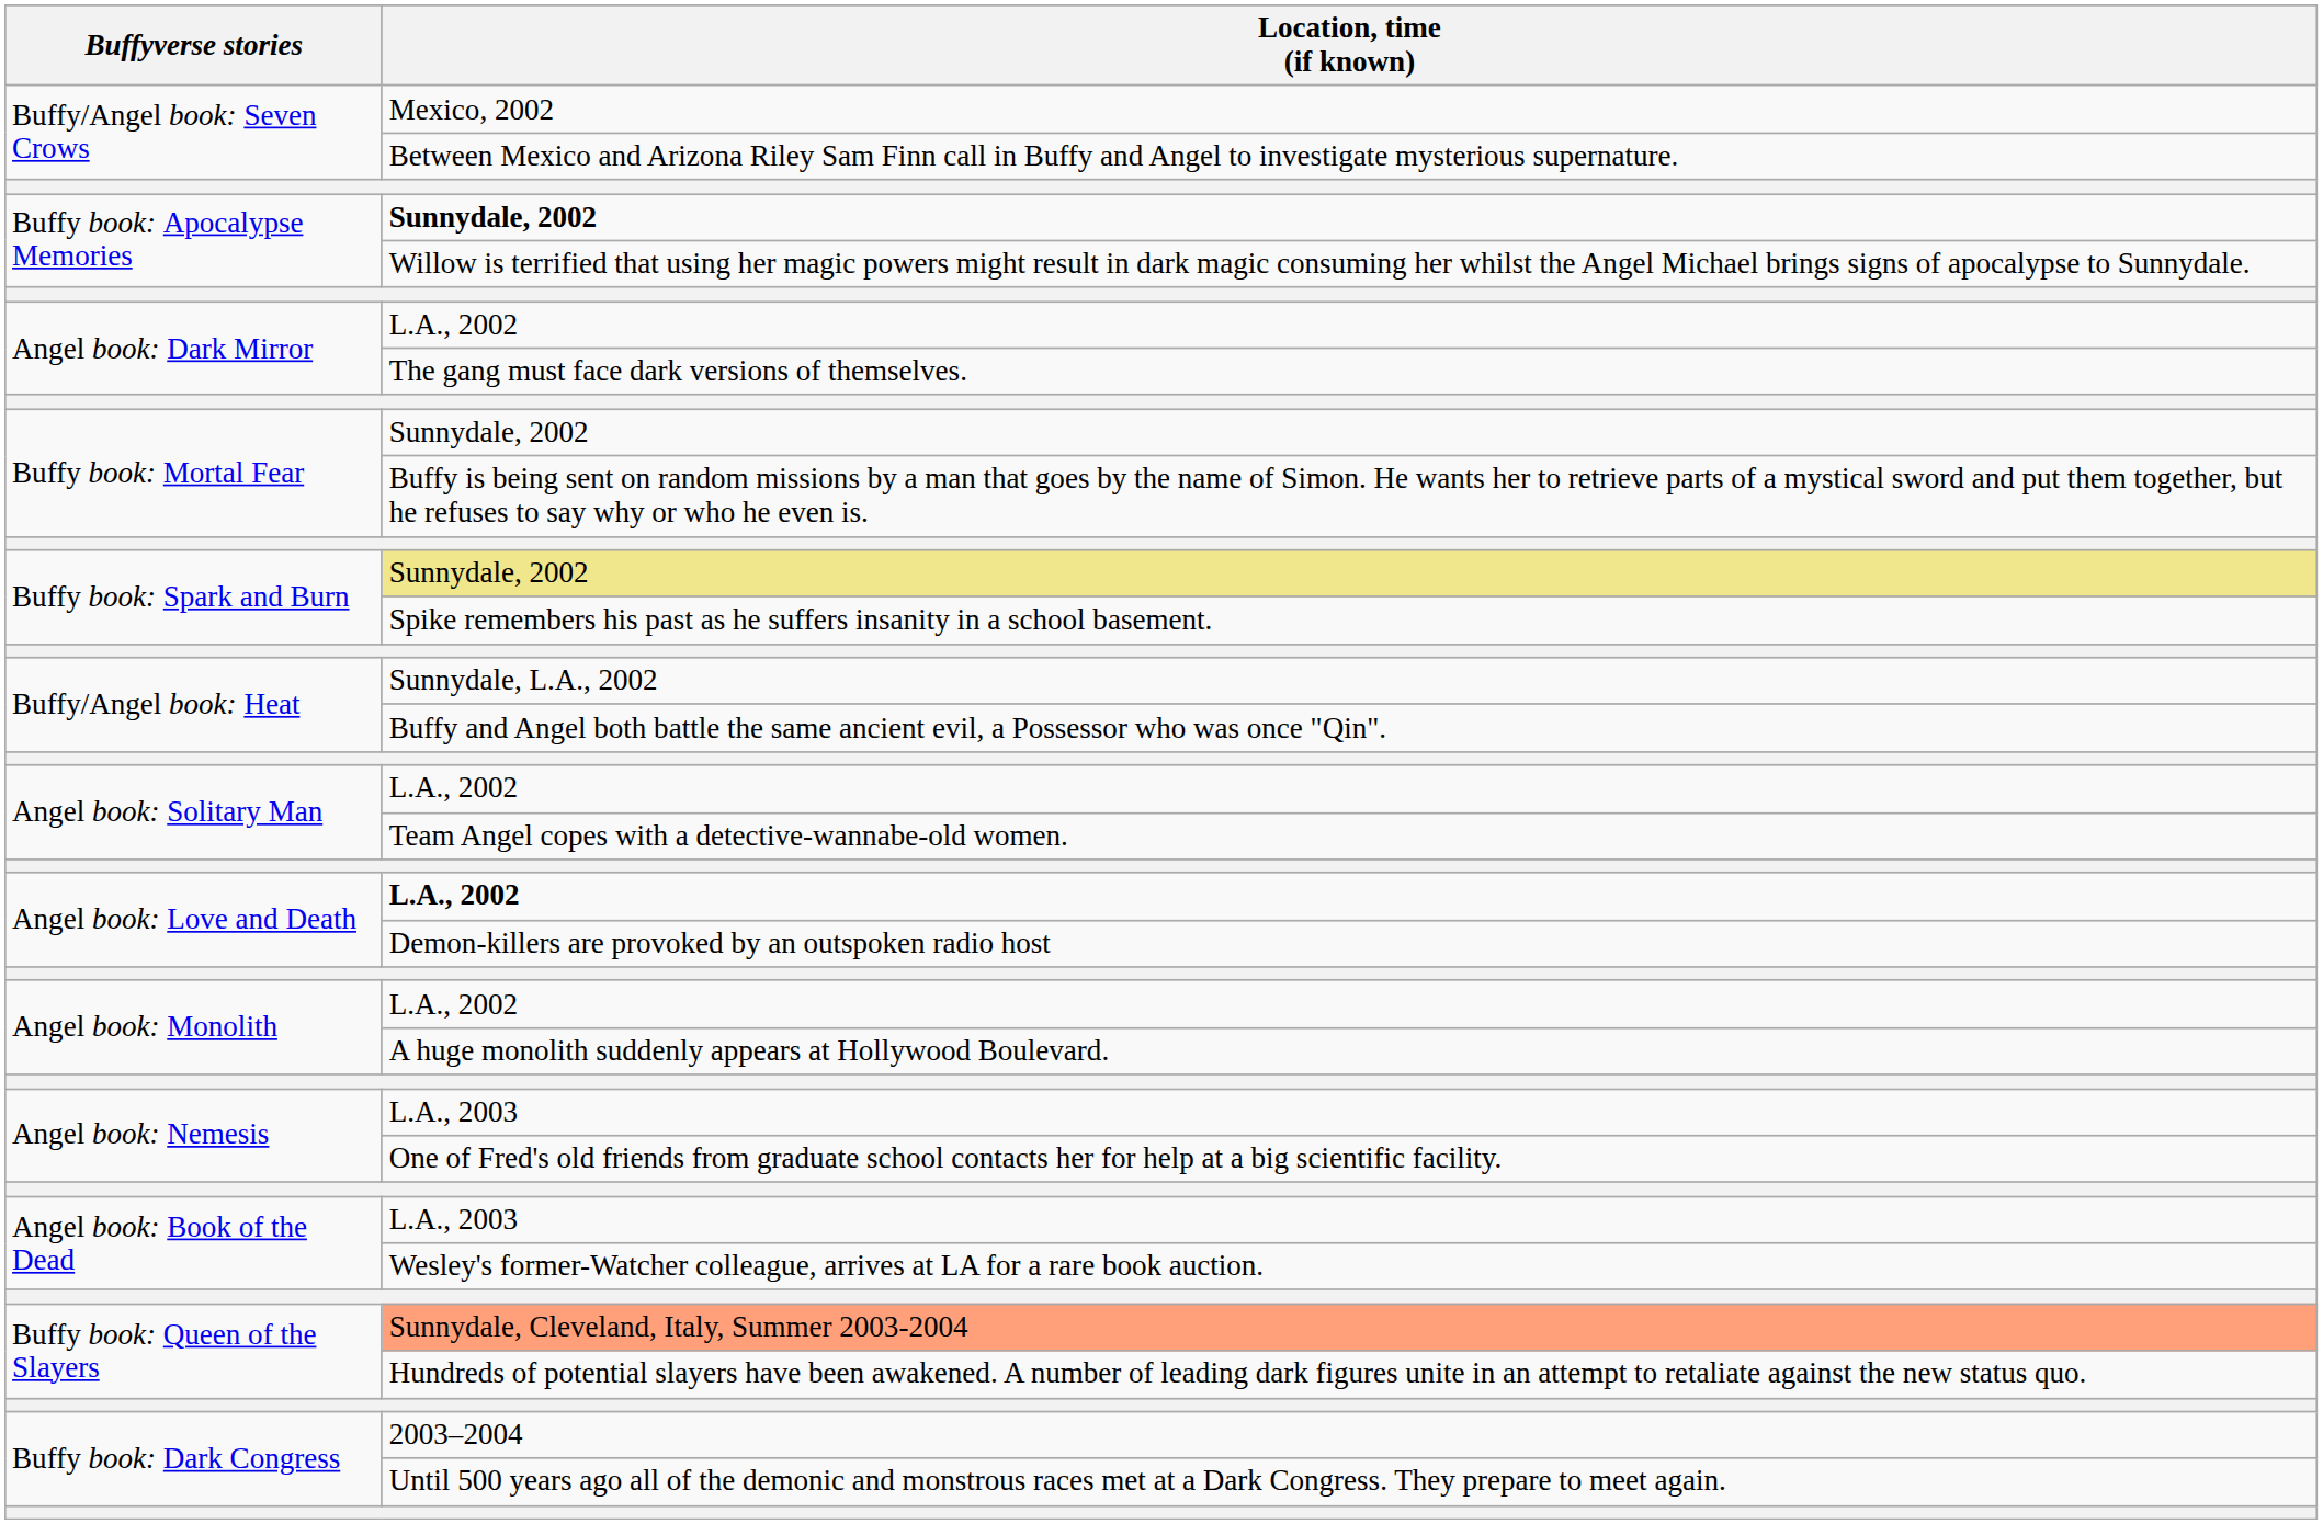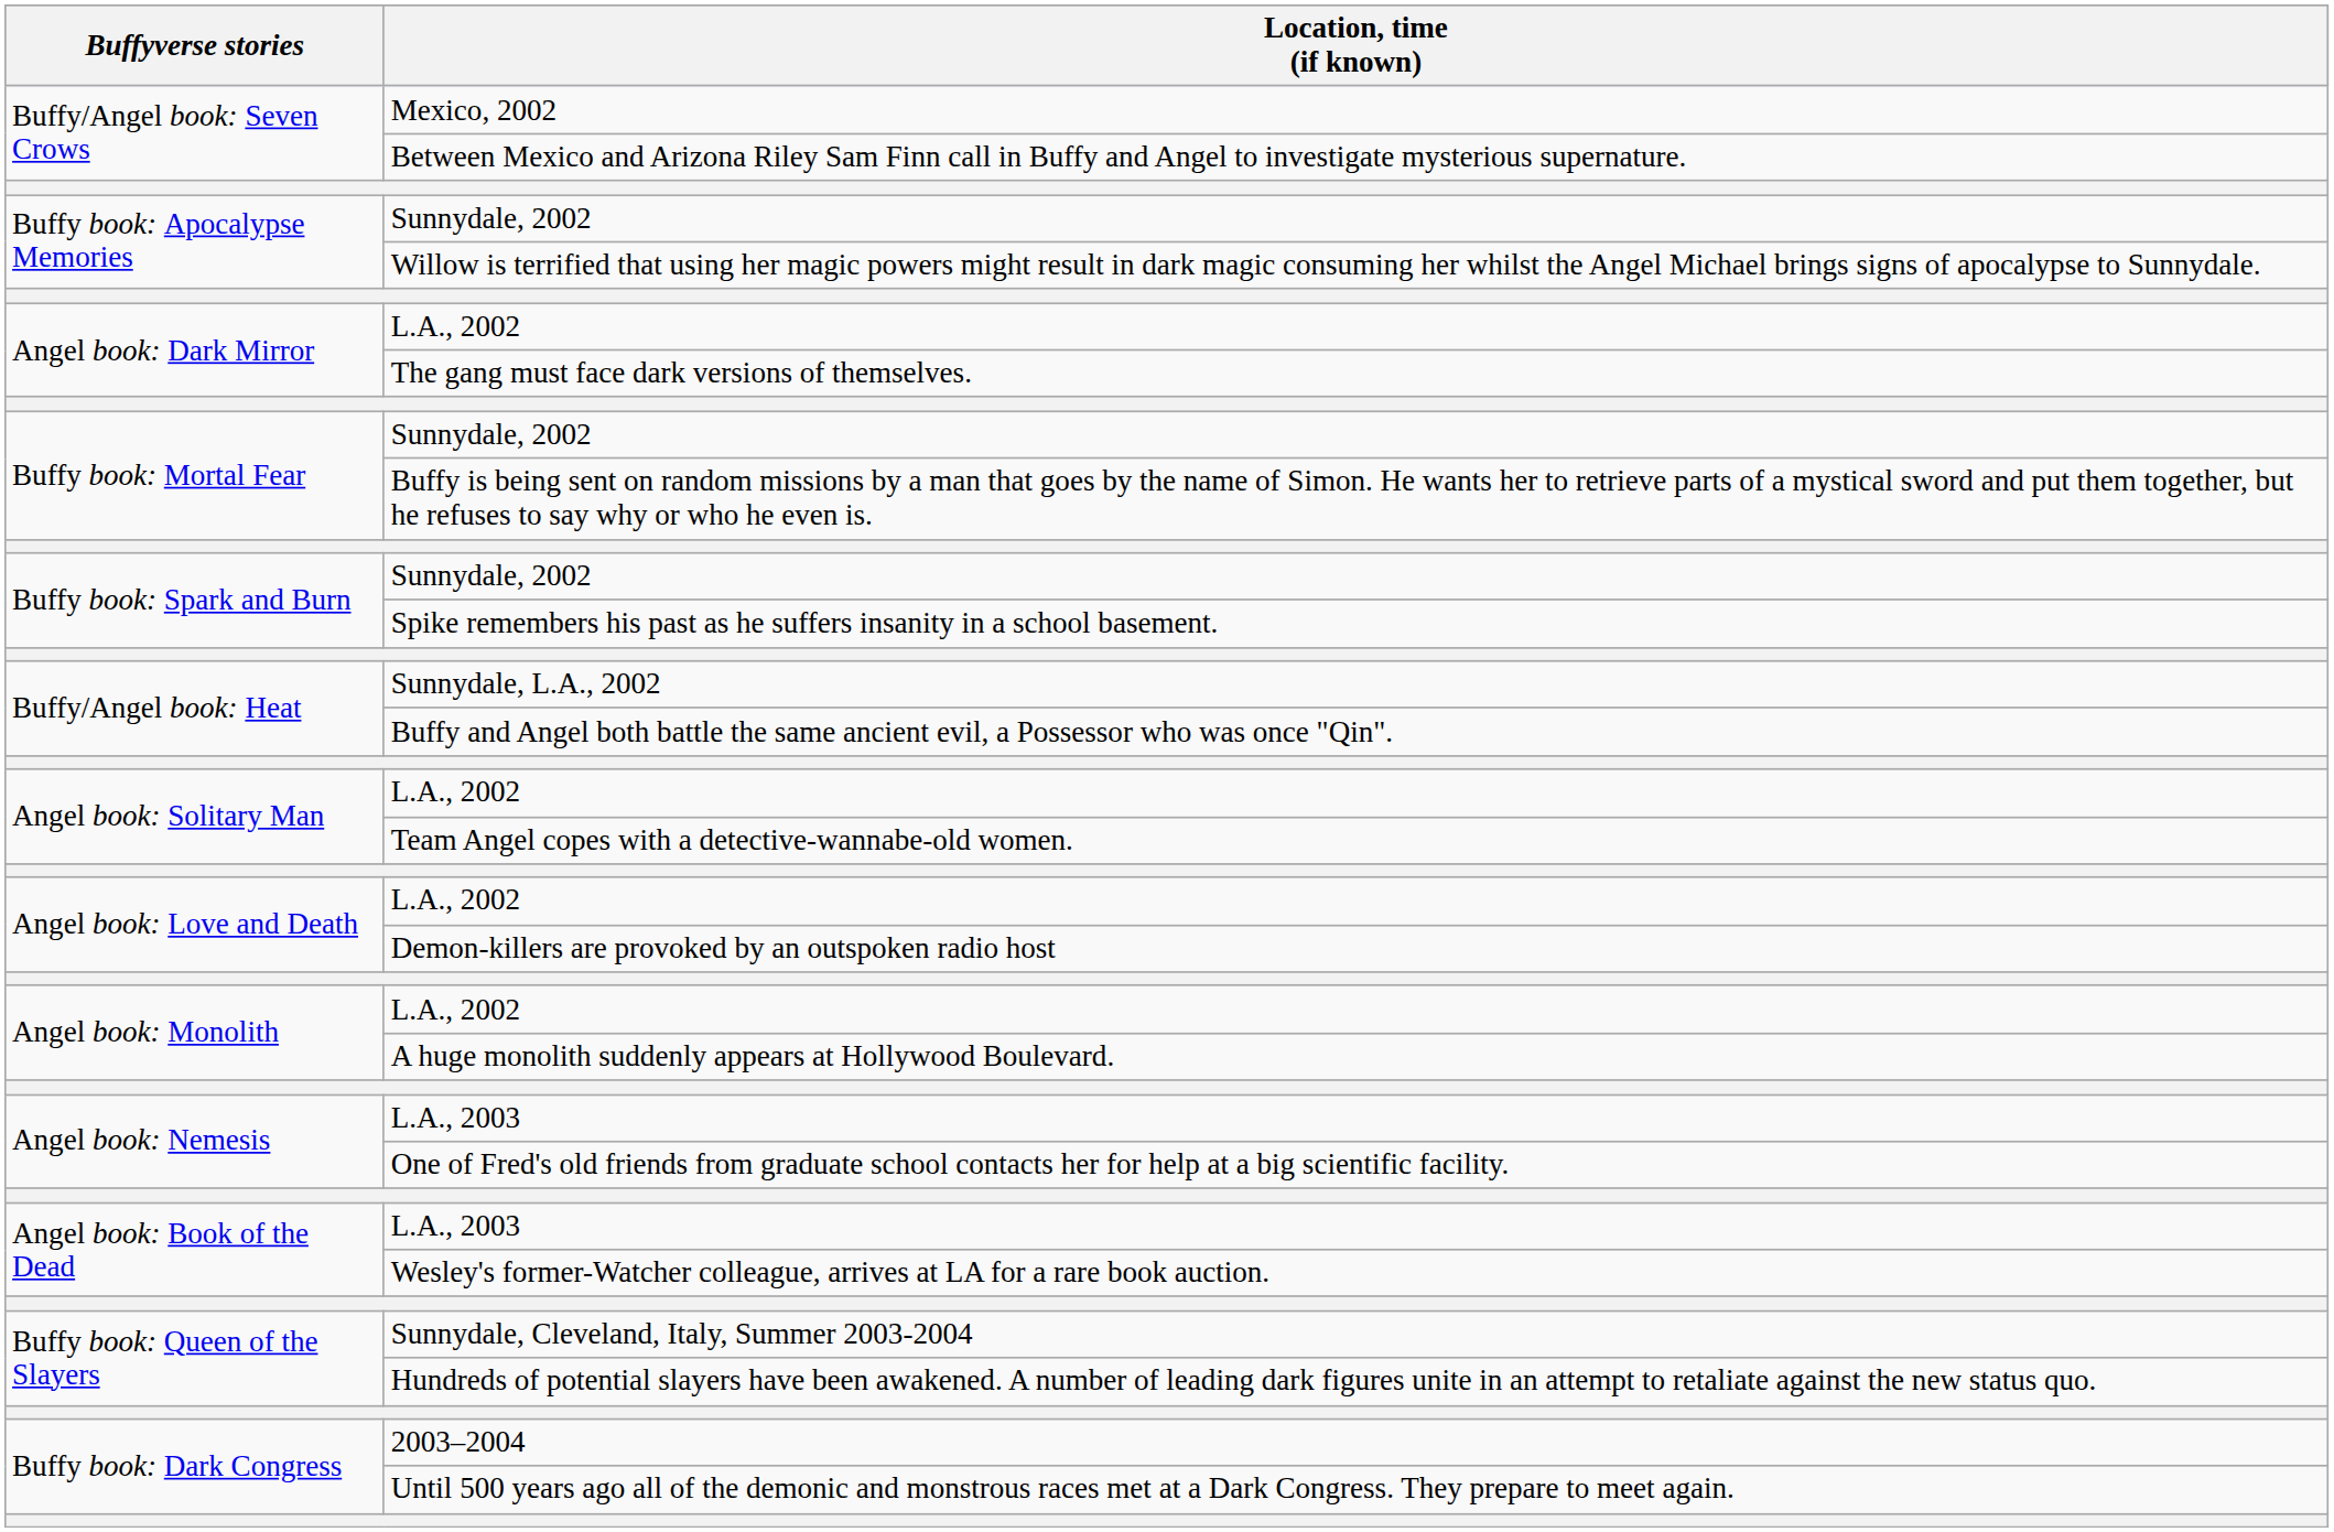 <table class="wikitable">
 <tr bgcolor="lightsteelblue" align=left>
 <th><strong><em>Buffyverse<em> stories<strong></th>
 <th></strong>Location, time<strong> <br>  (if known)</th>
 </tr>
 <tr>
 <td rowspan="2"></em>Buffy/Angel<em> book: </em><a href='#'>Seven Crows</a><em></td>
 <td>Mexico, 2002</td>
 </tr>
 <tr>
 <td colspan="4">Between Mexico and Arizona Riley Sam Finn call in Buffy and Angel to investigate mysterious supernature.</td>
 </tr>
 <tr>
 <td colspan="6" bgcolor="#f2f2f2"></td>
 </tr>
 <tr>
 <td rowspan="2"></em>Buffy<em> book: </em><a href='#'>Apocalypse Memories</a><em></td>
-<td><strong>Sunnydale, 2002</strong></td>
+<td>Sunnydale, 2002</td>
 </tr>
 <tr>
 <td colspan="4">Willow is terrified that using her magic powers might result in dark magic consuming her whilst the Angel Michael brings signs of apocalypse to Sunnydale.</td>
 </tr>
 <tr>
 <td colspan="6" bgcolor="#f2f2f2"></td>
 </tr>
 <tr>
 <td rowspan="2"></em>Angel<em> book: </em><a href='#'>Dark Mirror</a><em></td>
 <td>L.A., 2002</td>
 </tr>
 <tr>
 <td colspan="4">The gang must face dark versions of themselves.</td>
 </tr>
 <tr>
 <td colspan="6" bgcolor="#f2f2f2"></td>
 </tr>
 <tr>
 <td rowspan="2"></em>Buffy<em> book: </em><a href='#'>Mortal Fear</a><em></td>
 <td>Sunnydale, 2002</td>
 </tr>
 <tr>
 <td colspan="4">Buffy is being sent on random missions by a man that goes by the name of Simon. He wants her to retrieve parts of a mystical sword and put them together, but he refuses to say why or who he even is.</td>
 </tr>
 <tr>
 <td colspan="6" bgcolor="#f2f2f2"></td>
 </tr>
 <tr>
 <td rowspan="2"></em>Buffy<em> book: </em><a href='#'>Spark and Burn</a><em></td>
-<td style="background: khaki;">Sunnydale, 2002</td>
+<td>Sunnydale, 2002</td>
 </tr>
 <tr>
 <td colspan="4">Spike remembers his past as he suffers insanity in a school basement.</td>
 </tr>
 <tr>
 <td colspan="6" bgcolor="#f2f2f2"></td>
 </tr>
 <tr>
 <td rowspan="2"></em>Buffy/Angel<em> book: </em><a href='#'>Heat</a><em></td>
 <td>Sunnydale, L.A., 2002</td>
 </tr>
 <tr>
 <td colspan="4">Buffy and Angel both battle the same ancient evil, a Possessor who was once "Qin".</td>
 </tr>
 <tr>
 <td colspan="6" bgcolor="#f2f2f2"></td>
 </tr>
 <tr>
 <td rowspan="2"></em>Angel<em> book: </em><a href='#'>Solitary Man</a><em></td>
 <td>L.A., 2002</td>
 </tr>
 <tr>
 <td colspan="4">Team Angel copes with a detective-wannabe-old women.</td>
 </tr>
 <tr>
 <td colspan="6" bgcolor="#f2f2f2"></td>
 </tr>
 <tr>
 <td rowspan="2"></em>Angel<em> book: </em><a href='#'>Love and Death</a><em></td>
-<td><strong>L.A., 2002</strong></td>
+<td>L.A., 2002</td>
 </tr>
 <tr>
 <td colspan="4">Demon-killers are provoked by an outspoken radio host</td>
 </tr>
 <tr>
 <td colspan="6" bgcolor="#f2f2f2"></td>
 </tr>
 <tr>
 <td rowspan="2"></em>Angel<em> book: </em><a href='#'>Monolith</a><em></td>
 <td>L.A., 2002</td>
 </tr>
 <tr>
 <td colspan="4">A huge monolith suddenly appears at Hollywood Boulevard.</td>
 </tr>
 <tr>
 <td colspan="6" bgcolor="#f2f2f2"></td>
 </tr>
 <tr>
 <td rowspan="2"></em>Angel<em> book: </em><a href='#'>Nemesis</a><em></td>
 <td>L.A., 2003</td>
 </tr>
 <tr>
 <td colspan="4">One of Fred's old friends from graduate school contacts her for help at a big scientific facility.</td>
 </tr>
 <tr>
 <td colspan="6" bgcolor="#f2f2f2"></td>
 </tr>
 <tr>
 <td rowspan="2"></em>Angel<em> book: </em><a href='#'>Book of the Dead</a><em></td>
 <td>L.A., 2003</td>
 </tr>
 <tr>
 <td colspan="4">Wesley's former-Watcher colleague, arrives at LA for a rare book auction.</td>
 </tr>
 <tr>
 <td colspan="6" bgcolor="#f2f2f2"></td>
 </tr>
 <tr>
 <td rowspan="2"></em>Buffy<em> book: </em><a href='#'>Queen of the Slayers</a><em></td>
-<td style="background: lightsalmon;">Sunnydale, Cleveland, Italy, Summer 2003-2004</td>
+<td>Sunnydale, Cleveland, Italy, Summer 2003-2004</td>
 </tr>
 <tr>
 <td colspan="4">Hundreds of potential slayers have been awakened. A number of leading dark figures unite in an attempt to retaliate against the new status quo.</td>
 </tr>
 <tr>
 <td colspan="6" bgcolor="#f2f2f2"></td>
 </tr>
 <tr>
 <td rowspan="2"></em>Buffy<em> book: </em><a href='#'>Dark Congress</a><em></td>
 <td>2003–2004</td>
 </tr>
 <tr>
 <td colspan="4">Until 500 years ago all of the demonic and monstrous races met at a Dark Congress. They prepare to meet again.</td>
 </tr>
 <tr>
 <td colspan="6" bgcolor="#f2f2f2"></td>
 </tr>
 </table>
